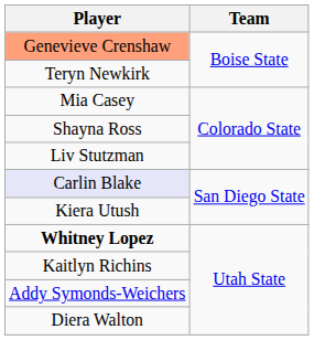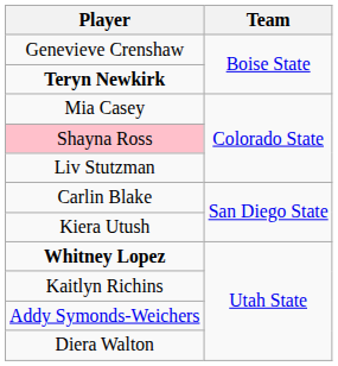 <table class="wikitable" style="text-align: center;">
 <tr>
 <th>Player</th>
 <th>Team</th>
 </tr>
 <tr>
-<td style="background: lightsalmon;">Genevieve Crenshaw</td>
+<td>Genevieve Crenshaw</td>
 <td rowspan=2><a href='#'>Boise State</a></td>
 </tr>
 <tr>
-<td>Teryn Newkirk</td>
+<td><strong>Teryn Newkirk</strong></td>
 </tr>
 <tr>
 <td>Mia Casey</td>
 <td rowspan=3><a href='#'>Colorado State</a></td>
 </tr>
 <tr>
-<td>Shayna Ross</td>
+<td style="background: pink;">Shayna Ross</td>
 </tr>
 <tr>
 <td>Liv Stutzman</td>
 </tr>
 <tr>
-<td style="background: lavender;">Carlin Blake</td>
+<td>Carlin Blake</td>
 <td rowspan=2><a href='#'>San Diego State</a></td>
 </tr>
 <tr>
 <td>Kiera Utush</td>
 </tr>
 <tr>
 <td><strong>Whitney Lopez</strong></td>
 <td rowspan=4><a href='#'>Utah State</a></td>
 </tr>
 <tr>
 <td>Kaitlyn Richins</td>
 </tr>
 <tr>
 <td><a href='#'>Addy Symonds-Weichers</a></td>
 </tr>
 <tr>
 <td>Diera Walton</td>
 </tr>
 </table>
